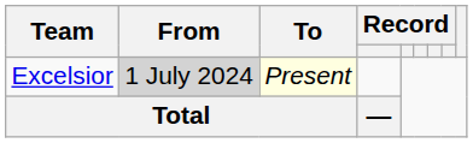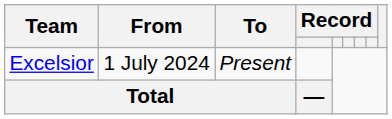 <table class="wikitable" style="text-align:center">
 <tr>
 <th rowspan="2">Team</th>
 <th rowspan="2">From</th>
 <th rowspan="2">To</th>
 <th colspan="5">Record</th>
 <th rowspan="2"></th>
 </tr>
 <tr>
 <th></th>
 <th></th>
 <th></th>
 <th></th>
 <th></th>
 </tr>
 <tr>
 <td align="left"><a href='#'>Excelsior</a></td>
-<td align="left" style="background: lightgrey;">1 July 2024</td>
-<td align="left" style="background: lightyellow;"><em>Present</em><br></td>
+<td align="left">1 July 2024</td>
+<td align="left"><em>Present</em><br></td>
 <td></td>
 </tr>
 <tr>
 <th colspan="3">Total<br></th>
 <th>—</th>
 </tr>
 </table>
